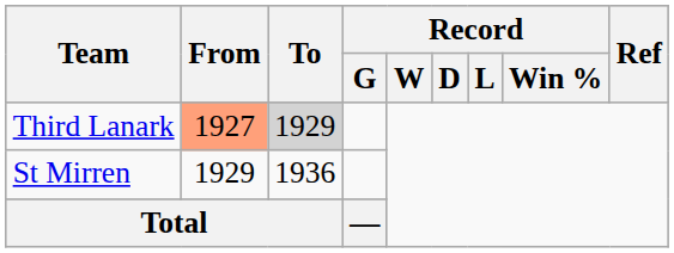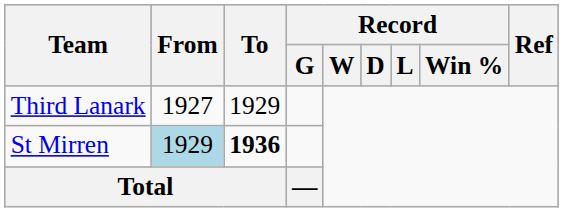 <table class="wikitable" style="text-align: center">
 <tr>
 <th rowspan="2">Team</th>
 <th rowspan="2">From</th>
 <th rowspan="2">To</th>
 <th colspan="5">Record</th>
 <th rowspan="2">Ref</th>
 </tr>
 <tr>
 <th>G</th>
 <th>W</th>
 <th>D</th>
 <th>L</th>
 <th>Win %</th>
 </tr>
 <tr>
 <td align="left"><a href='#'>Third Lanark</a></td>
-<td style="background: lightsalmon;">1927</td>
-<td style="background: lightgrey;">1929<br></td>
+<td>1927</td>
+<td>1929<br></td>
 <td></td>
 </tr>
 <tr>
 <td align="left"><a href='#'>St Mirren</a></td>
-<td>1929</td>
-<td>1936<br></td>
+<td style="background: lightblue;">1929</td>
+<td><strong>1936<br></strong></td>
 <td></td>
 </tr>
 <tr>
 <th colspan="3">Total<br></th>
 <th>—</th>
 </tr>
 </table>
